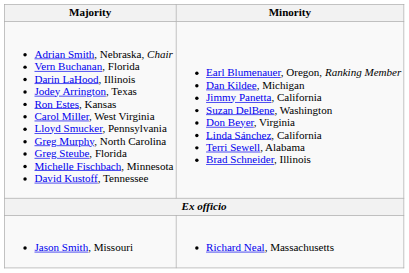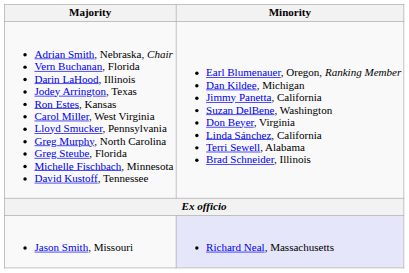 <table class=wikitable>
 <tr>
 <th>Majority</th>
 <th>Minority</th>
 </tr>
 <tr>
 <td><br><ul><li><a href='#'>Adrian Smith</a>, Nebraska, <em>Chair</em></li><li><a href='#'>Vern Buchanan</a>, Florida</li><li><a href='#'>Darin LaHood</a>, Illinois</li><li><a href='#'>Jodey Arrington</a>, Texas</li><li><a href='#'>Ron Estes</a>, Kansas</li><li><a href='#'>Carol Miller</a>, West Virginia</li><li><a href='#'>Lloyd Smucker</a>, Pennsylvania</li><li><a href='#'>Greg Murphy</a>, North Carolina</li><li><a href='#'>Greg Steube</a>, Florida</li><li><a href='#'>Michelle Fischbach</a>, Minnesota</li><li><a href='#'>David Kustoff</a>, Tennessee</li></ul></td>
 <td><br><ul><li><a href='#'>Earl Blumenauer</a>, Oregon, <em>Ranking Member</em></li><li><a href='#'>Dan Kildee</a>, Michigan</li><li><a href='#'>Jimmy Panetta</a>, California</li><li><a href='#'>Suzan DelBene</a>, Washington</li><li><a href='#'>Don Beyer</a>, Virginia</li><li><a href='#'>Linda Sánchez</a>, California</li><li><a href='#'>Terri Sewell</a>, Alabama</li><li><a href='#'>Brad Schneider</a>, Illinois</li></ul></td>
 </tr>
 <tr>
 <th colspan=2><em>Ex officio</em></th>
 </tr>
 <tr>
 <td><br><ul><li><a href='#'>Jason Smith</a>, Missouri</li></ul></td>
-<td><br><ul><li><a href='#'>Richard Neal</a>, Massachusetts</li></ul></td>
+<td style="background: lavender;"><br><ul><li><a href='#'>Richard Neal</a>, Massachusetts</li></ul></td>
 </tr>
 </table>
